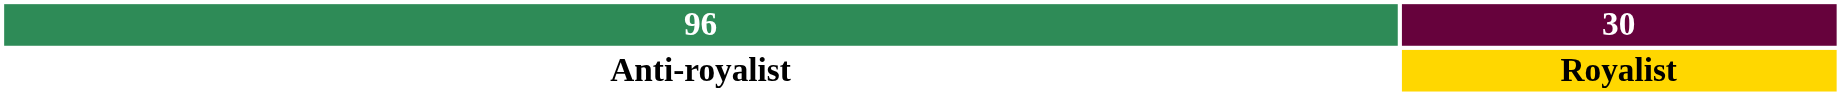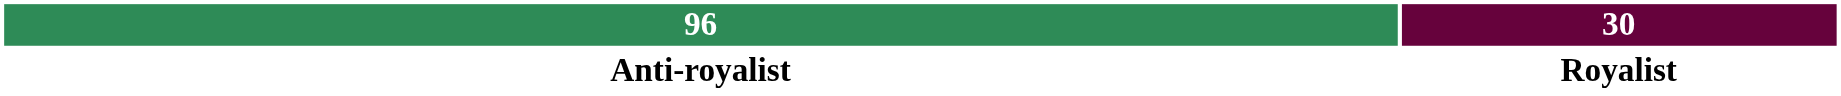 <table style="width:70%; text-align:center">
 <tr style="color:white">
 <td style="background:#2E8B57; width:76.20%"><strong>96</strong></td>
 <td style="background:#66023C; width:23.80%"><strong>30</strong></td>
 </tr>
 <tr>
 <td><span><strong>Anti-royalist</strong></span></td>
-<td style="background: gold;"><span><strong>Royalist</strong></span></td>
+<td><span><strong>Royalist</strong></span></td>
 </tr>
 </table>
